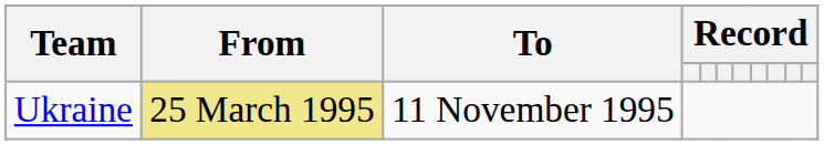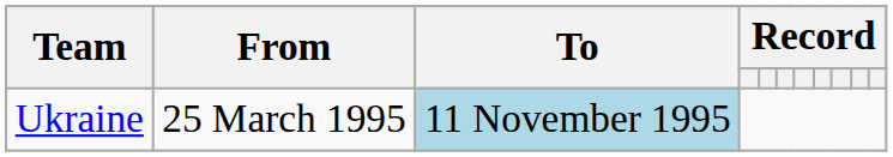 <table class="wikitable" style="text-align: center">
 <tr>
 <th rowspan=2>Team</th>
 <th rowspan=2>From</th>
 <th rowspan=2>To</th>
 <th colspan=8>Record</th>
 </tr>
 <tr>
 <th></th>
 <th></th>
 <th></th>
 <th></th>
 <th></th>
 <th></th>
 <th></th>
 <th></th>
 </tr>
 <tr>
 <td><a href='#'>Ukraine</a></td>
-<td style="background: khaki;">25 March 1995</td>
-<td>11 November 1995<br></td>
+<td>25 March 1995</td>
+<td style="background: lightblue;">11 November 1995<br></td>
 </tr>
 </table>
